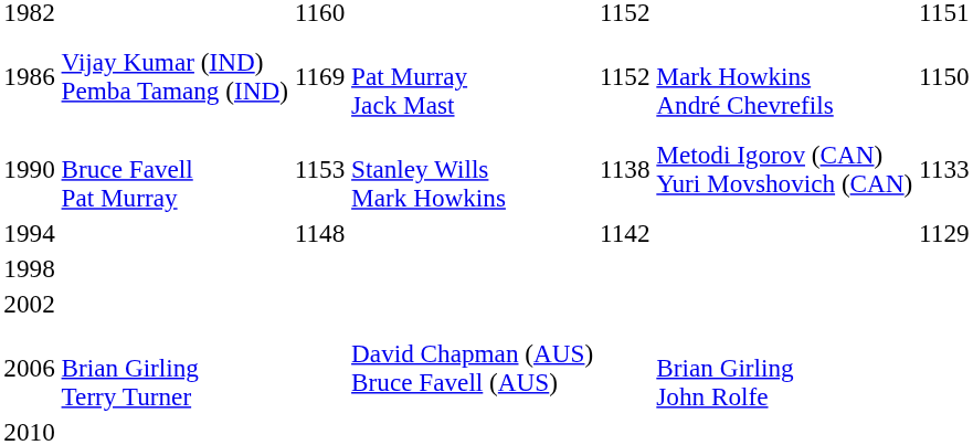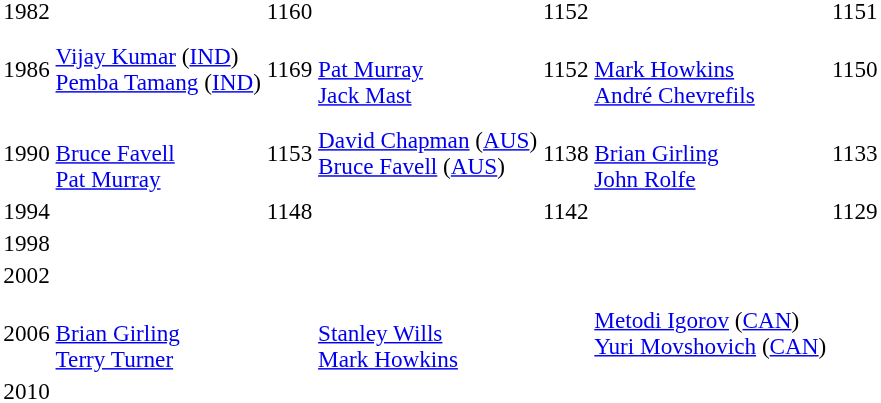 <table>
 <tr>
 <td>1982</td>
 <td></td>
 <td>1160</td>
 <td></td>
 <td>1152</td>
 <td></td>
 <td>1151</td>
 </tr>
 <tr>
 <td>1986</td>
 <td> <a href='#'>Vijay Kumar</a> (<a href='#'>IND</a>)<br> <a href='#'>Pemba Tamang</a> (<a href='#'>IND</a>)</td>
 <td>1169</td>
 <td><br><a href='#'>Pat Murray</a><br><a href='#'>Jack Mast</a></td>
 <td>1152</td>
 <td><br><a href='#'>Mark Howkins</a><br><a href='#'>André Chevrefils</a></td>
 <td>1150</td>
 </tr>
 <tr>
 <td>1990</td>
 <td><br><a href='#'>Bruce Favell</a><br><a href='#'>Pat Murray</a></td>
 <td>1153</td>
-<td><br><a href='#'>Stanley Wills</a><br><a href='#'>Mark Howkins</a></td>
+<td> <a href='#'>David Chapman</a> (<a href='#'>AUS</a>)<br> <a href='#'>Bruce Favell</a> (<a href='#'>AUS</a>)</td>
 <td>1138</td>
-<td> <a href='#'>Metodi Igorov</a> (<a href='#'>CAN</a>)<br> <a href='#'>Yuri Movshovich</a> (<a href='#'>CAN</a>)</td>
+<td><br><a href='#'>Brian Girling</a><br><a href='#'>John Rolfe</a></td>
 <td>1133</td>
 </tr>
 <tr>
 <td>1994</td>
 <td></td>
 <td>1148</td>
 <td></td>
 <td>1142</td>
 <td></td>
 <td>1129</td>
 </tr>
 <tr>
 <td>1998</td>
 <td></td>
 <td></td>
 <td></td>
 <td></td>
 <td></td>
 <td></td>
 </tr>
 <tr>
 <td>2002</td>
 <td></td>
 <td></td>
 <td></td>
 <td></td>
 <td></td>
 <td></td>
 </tr>
 <tr>
 <td>2006</td>
 <td><br><a href='#'>Brian Girling</a><br><a href='#'>Terry Turner</a></td>
 <td></td>
-<td> <a href='#'>David Chapman</a> (<a href='#'>AUS</a>)<br> <a href='#'>Bruce Favell</a> (<a href='#'>AUS</a>)</td>
+<td><br><a href='#'>Stanley Wills</a><br><a href='#'>Mark Howkins</a></td>
 <td></td>
-<td><br><a href='#'>Brian Girling</a><br><a href='#'>John Rolfe</a></td>
+<td> <a href='#'>Metodi Igorov</a> (<a href='#'>CAN</a>)<br> <a href='#'>Yuri Movshovich</a> (<a href='#'>CAN</a>)</td>
 <td></td>
 </tr>
 <tr>
 <td>2010<br></td>
 <td></td>
 <td></td>
 <td></td>
 <td></td>
 <td></td>
 <td></td>
 </tr>
 </table>
